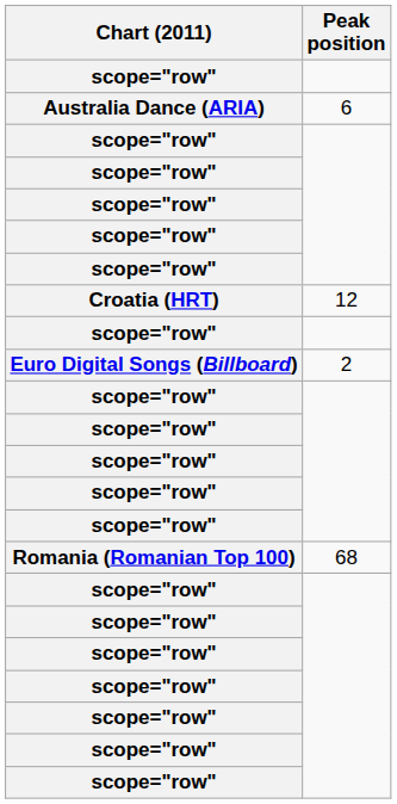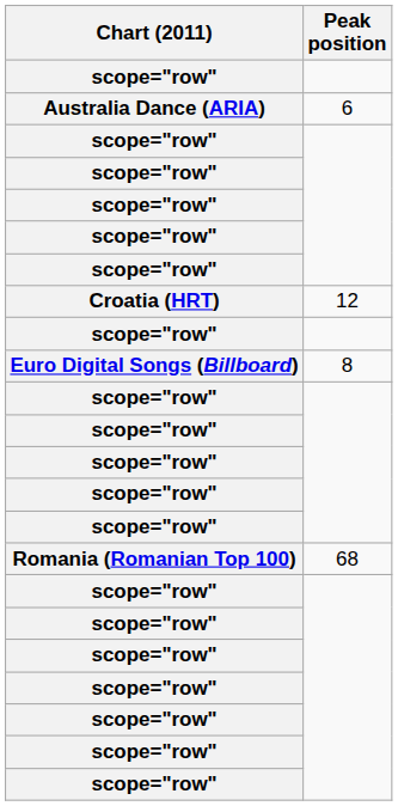 <table class="wikitable sortable plainrowheaders">
 <tr>
 <th scope="col">Chart (2011)</th>
 <th scope="col">Peak<br>position</th>
 </tr>
 <tr>
 <th>scope="row"</th>
 </tr>
 <tr>
 <th scope="row">Australia Dance (<a href='#'>ARIA</a>)</th>
 <td style="text-align:center;">6</td>
 </tr>
 <tr>
 <th>scope="row"</th>
 </tr>
 <tr>
 <th>scope="row"</th>
 </tr>
 <tr>
 <th>scope="row"</th>
 </tr>
 <tr>
 <th>scope="row"</th>
 </tr>
 <tr>
 <th>scope="row"</th>
 </tr>
 <tr>
 <th scope="row">Croatia (<a href='#'>HRT</a>)</th>
 <td style="text-align:center;">12</td>
 </tr>
 <tr>
 <th>scope="row"</th>
 </tr>
 <tr>
 <th scope="row"><a href='#'>Euro Digital Songs</a> (<em><a href='#'>Billboard</a></em>)</th>
-<td style="text-align:center;">2</td>
+<td style="text-align:center;">8</td>
 </tr>
 <tr>
 <th>scope="row"</th>
 </tr>
 <tr>
 <th>scope="row"</th>
 </tr>
 <tr>
 <th>scope="row"</th>
 </tr>
 <tr>
 <th>scope="row"</th>
 </tr>
 <tr>
 <th>scope="row"</th>
 </tr>
 <tr>
 <th scope="row">Romania (<a href='#'>Romanian Top 100</a>)</th>
 <td style="text-align:center;">68</td>
 </tr>
 <tr>
 <th>scope="row"</th>
 </tr>
 <tr>
 <th>scope="row"</th>
 </tr>
 <tr>
 <th>scope="row"</th>
 </tr>
 <tr>
 <th>scope="row"</th>
 </tr>
 <tr>
 <th>scope="row"</th>
 </tr>
 <tr>
 <th>scope="row"</th>
 </tr>
 <tr>
 <th>scope="row"</th>
 </tr>
 </table>
